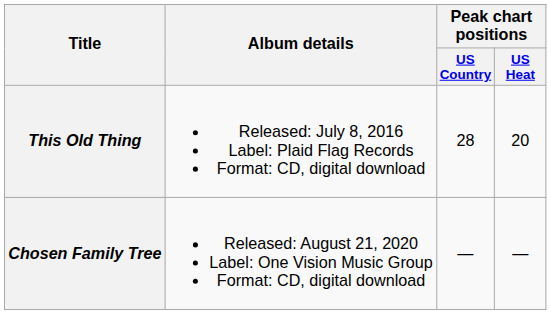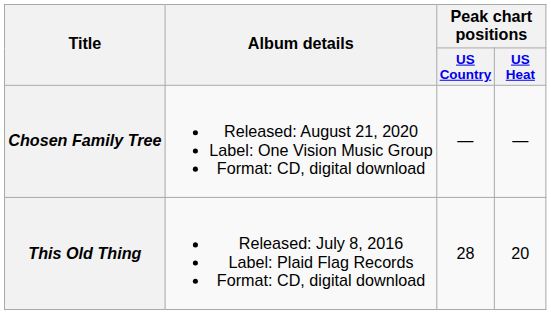 <table class="wikitable plainrowheaders" style="text-align:center;">
 <tr>
 <th rowspan="2">Title</th>
 <th rowspan="2">Album details</th>
 <th colspan="2">Peak chart positions</th>
 </tr>
 <tr style="font-size:smaller;">
 <th style="width:45px;"><a href='#'>US Country</a><br></th>
 <th style="width:45px;"><a href='#'>US Heat</a><br></th>
 </tr>
 <tr>
+<th scope="row"><em>Chosen Family Tree</em></th>
+<td><br><ul><li>Released: August 21, 2020</li><li>Label: One Vision Music Group</li><li>Format: CD, digital download</li></ul></td>
+<td>—</td>
+<td>—</td>
+</tr>
+<tr>
 <th scope="row"><em>This Old Thing</em></th>
 <td><br><ul><li>Released: July 8, 2016</li><li>Label: Plaid Flag Records</li><li>Format: CD, digital download</li></ul></td>
 <td>28</td>
 <td>20</td>
 </tr>
-<tr>
-<th scope="row"><em>Chosen Family Tree</em></th>
-<td><br><ul><li>Released: August 21, 2020</li><li>Label: One Vision Music Group</li><li>Format: CD, digital download</li></ul></td>
-<td>—</td>
-<td>—</td>
-</tr>
 </table>
